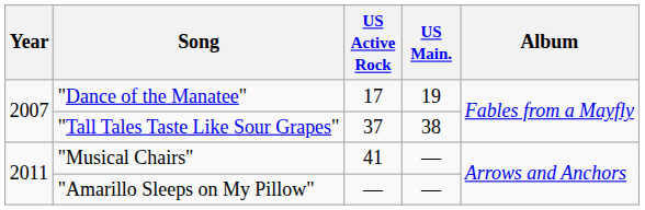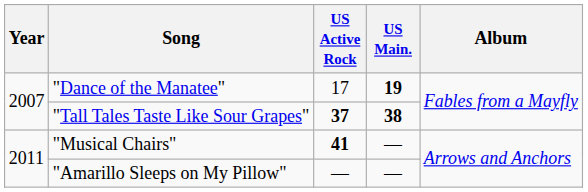 <table class="wikitable">
 <tr>
 <th>Year</th>
 <th>Song</th>
 <th style="width:40px;"><small><a href='#'>US<br>Active Rock</a></small></th>
 <th style="width:40px;"><small><a href='#'>US<br>Main.</a></small></th>
 <th>Album</th>
 </tr>
 <tr>
 <td rowspan="2">2007</td>
 <td>"<a href='#'>Dance of the Manatee</a>"</td>
 <td align="center">17</td>
-<td align="center">19</td>
+<td align="center"><strong>19</strong></td>
 <td rowspan="2"><em><a href='#'>Fables from a Mayfly</a></em></td>
 </tr>
 <tr>
 <td>"<a href='#'>Tall Tales Taste Like Sour Grapes</a>"</td>
-<td align="center">37</td>
-<td align="center">38</td>
+<td align="center"><strong>37</strong></td>
+<td align="center"><strong>38</strong></td>
 </tr>
 <tr>
 <td rowspan="2">2011</td>
 <td>"Musical Chairs"</td>
-<td align="center">41</td>
+<td align="center"><strong>41</strong></td>
 <td align="center">—</td>
 <td rowspan="2"><em><a href='#'>Arrows and Anchors</a></em></td>
 </tr>
 <tr>
 <td>"Amarillo Sleeps on My Pillow"</td>
 <td align="center">—</td>
 <td align="center">—</td>
 </tr>
 </table>
